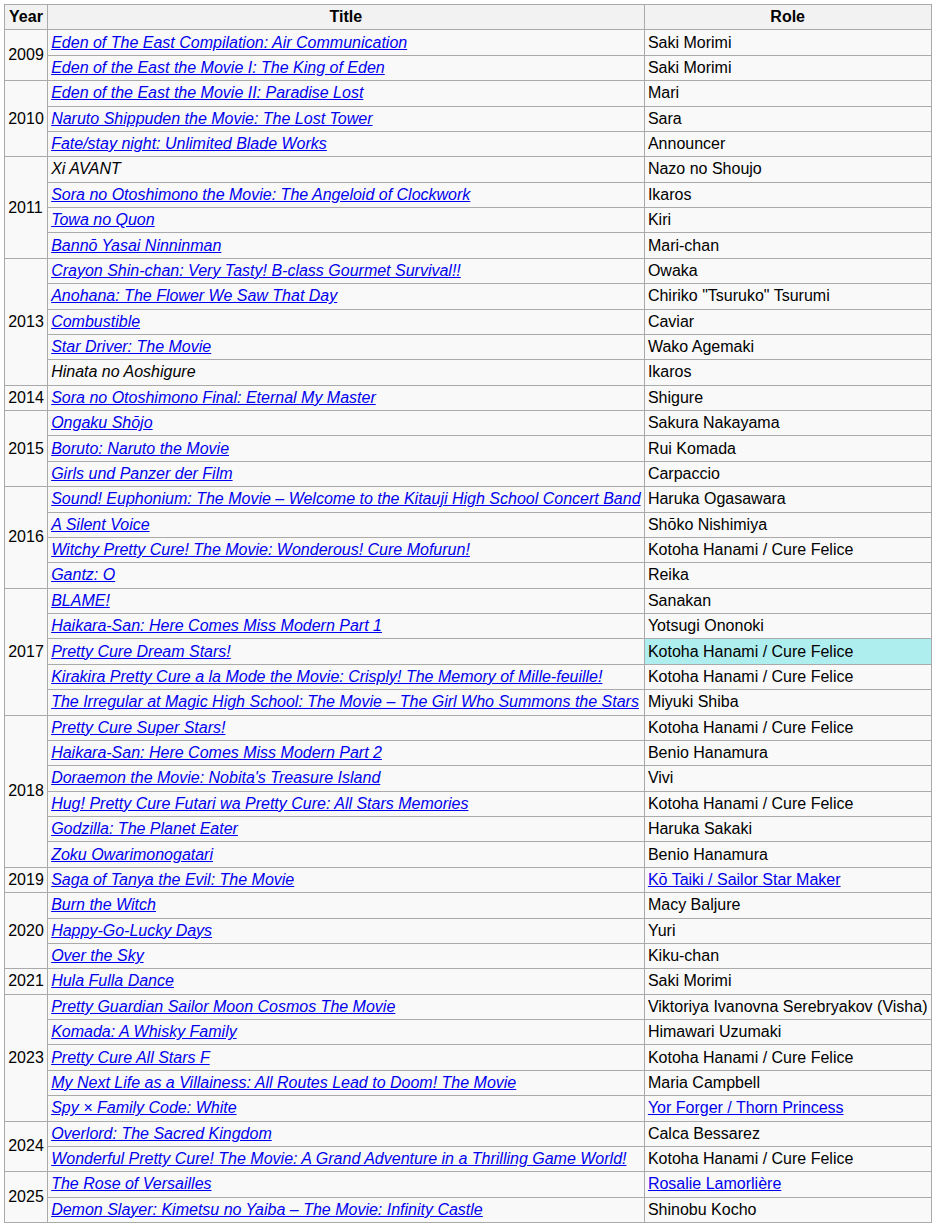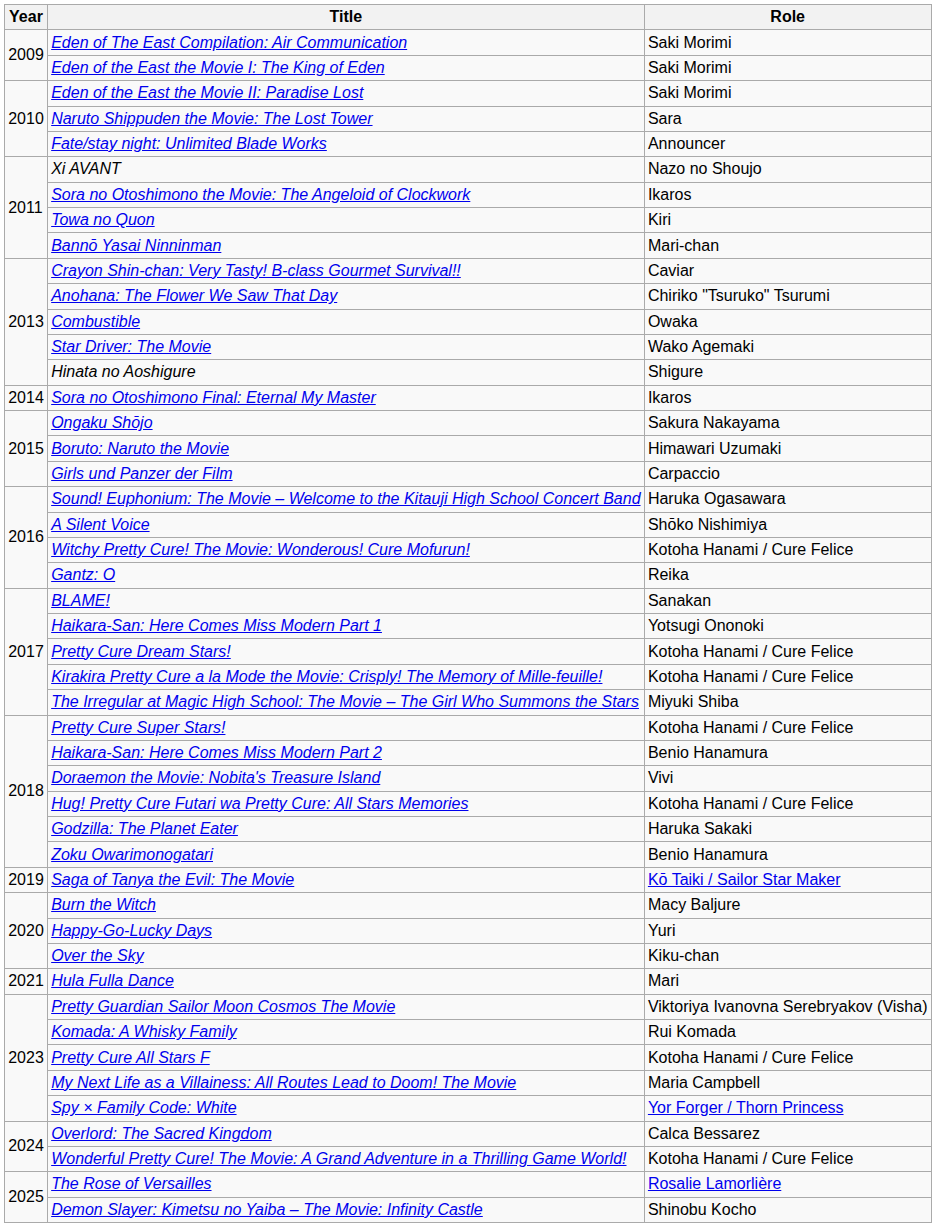 <table class="wikitable">
 <tr>
 <th>Year</th>
 <th>Title</th>
 <th>Role</th>
 </tr>
 <tr>
 <td rowspan="2">2009</td>
 <td><em><a href='#'>Eden of The East Compilation: Air Communication</a></em></td>
 <td>Saki Morimi</td>
 </tr>
 <tr>
 <td><em><a href='#'>Eden of the East the Movie I: The King of Eden</a></em></td>
 <td>Saki Morimi</td>
 </tr>
 <tr>
 <td rowspan="3">2010</td>
 <td><em><a href='#'>Eden of the East the Movie II: Paradise Lost</a></em></td>
-<td>Mari</td>
+<td>Saki Morimi</td>
 </tr>
 <tr>
 <td><em><a href='#'>Naruto Shippuden the Movie: The Lost Tower</a></em></td>
 <td>Sara</td>
 </tr>
 <tr>
 <td><em><a href='#'>Fate/stay night: Unlimited Blade Works</a></em></td>
 <td>Announcer</td>
 </tr>
 <tr>
 <td rowspan="4">2011</td>
 <td><em>Xi AVANT</em></td>
 <td>Nazo no Shoujo</td>
 </tr>
 <tr>
 <td><em><a href='#'>Sora no Otoshimono the Movie: The Angeloid of Clockwork</a></em></td>
 <td>Ikaros</td>
 </tr>
 <tr>
 <td><em><a href='#'>Towa no Quon</a></em></td>
 <td>Kiri</td>
 </tr>
 <tr>
 <td><em><a href='#'>Bannō Yasai Ninninman</a></em></td>
 <td>Mari-chan</td>
 </tr>
 <tr>
 <td rowspan="5">2013</td>
 <td><em><a href='#'>Crayon Shin-chan: Very Tasty! B-class Gourmet Survival!!</a></em></td>
-<td>Owaka</td>
+<td>Caviar</td>
 </tr>
 <tr>
 <td><em><a href='#'>Anohana: The Flower We Saw That Day</a></em></td>
 <td>Chiriko "Tsuruko" Tsurumi</td>
 </tr>
 <tr>
 <td><em><a href='#'>Combustible</a></em></td>
-<td>Caviar</td>
+<td>Owaka</td>
 </tr>
 <tr>
 <td><em><a href='#'>Star Driver: The Movie</a></em></td>
 <td>Wako Agemaki</td>
 </tr>
 <tr>
 <td><em>Hinata no Aoshigure</em></td>
-<td>Ikaros</td>
+<td>Shigure</td>
 </tr>
 <tr>
 <td>2014</td>
 <td><em><a href='#'>Sora no Otoshimono Final: Eternal My Master</a></em></td>
-<td>Shigure</td>
+<td>Ikaros</td>
 </tr>
 <tr>
 <td rowspan="3">2015</td>
 <td><em><a href='#'>Ongaku Shōjo</a></em></td>
 <td>Sakura Nakayama</td>
 </tr>
 <tr>
 <td><em><a href='#'>Boruto: Naruto the Movie</a></em></td>
-<td>Rui Komada</td>
+<td>Himawari Uzumaki</td>
 </tr>
 <tr>
 <td><em><a href='#'>Girls und Panzer der Film</a></em></td>
 <td>Carpaccio</td>
 </tr>
 <tr>
 <td rowspan="4">2016</td>
 <td><em><a href='#'>Sound! Euphonium: The Movie – Welcome to the Kitauji High School Concert Band</a></em></td>
 <td>Haruka Ogasawara</td>
 </tr>
 <tr>
 <td><em><a href='#'>A Silent Voice</a></em></td>
 <td>Shōko Nishimiya</td>
 </tr>
 <tr>
 <td><em><a href='#'>Witchy Pretty Cure! The Movie: Wonderous! Cure Mofurun!</a></em></td>
 <td>Kotoha Hanami / Cure Felice</td>
 </tr>
 <tr>
 <td><em><a href='#'>Gantz: O</a></em></td>
 <td>Reika</td>
 </tr>
 <tr>
 <td rowspan="5">2017</td>
 <td><em><a href='#'>BLAME!</a></em></td>
 <td>Sanakan</td>
 </tr>
 <tr>
 <td><em><a href='#'>Haikara-San: Here Comes Miss Modern Part 1</a></em></td>
 <td>Yotsugi Ononoki</td>
 </tr>
 <tr>
 <td><em><a href='#'>Pretty Cure Dream Stars!</a></em></td>
-<td style="background: paleturquoise;">Kotoha Hanami / Cure Felice</td>
+<td>Kotoha Hanami / Cure Felice</td>
 </tr>
 <tr>
 <td><em><a href='#'>Kirakira Pretty Cure a la Mode the Movie: Crisply! The Memory of Mille-feuille!</a></em></td>
 <td>Kotoha Hanami / Cure Felice</td>
 </tr>
 <tr>
 <td><em><a href='#'>The Irregular at Magic High School: The Movie – The Girl Who Summons the Stars</a></em></td>
 <td>Miyuki Shiba</td>
 </tr>
 <tr>
 <td rowspan="6">2018</td>
 <td><em><a href='#'>Pretty Cure Super Stars!</a></em></td>
 <td>Kotoha Hanami / Cure Felice</td>
 </tr>
 <tr>
 <td><em><a href='#'>Haikara-San: Here Comes Miss Modern Part 2</a></em></td>
 <td>Benio Hanamura</td>
 </tr>
 <tr>
 <td><em><a href='#'>Doraemon the Movie: Nobita's Treasure Island</a></em></td>
 <td>Vivi</td>
 </tr>
 <tr>
 <td><em><a href='#'>Hug! Pretty Cure Futari wa Pretty Cure: All Stars Memories</a></em></td>
 <td>Kotoha Hanami / Cure Felice</td>
 </tr>
 <tr>
 <td><em><a href='#'>Godzilla: The Planet Eater</a></em></td>
 <td>Haruka Sakaki</td>
 </tr>
 <tr>
 <td><em><a href='#'>Zoku Owarimonogatari</a></em></td>
 <td>Benio Hanamura</td>
 </tr>
 <tr>
 <td>2019</td>
 <td><em><a href='#'>Saga of Tanya the Evil: The Movie</a></em></td>
 <td><a href='#'>Kō Taiki / Sailor Star Maker</a></td>
 </tr>
 <tr>
 <td rowspan="3">2020</td>
 <td><em><a href='#'>Burn the Witch</a></em></td>
 <td>Macy Baljure</td>
 </tr>
 <tr>
 <td><em><a href='#'>Happy-Go-Lucky Days</a></em></td>
 <td>Yuri</td>
 </tr>
 <tr>
 <td><em><a href='#'>Over the Sky</a></em></td>
 <td>Kiku-chan</td>
 </tr>
 <tr>
 <td>2021</td>
 <td><em><a href='#'>Hula Fulla Dance</a></em></td>
-<td>Saki Morimi</td>
+<td>Mari</td>
 </tr>
 <tr>
 <td rowspan="5">2023</td>
 <td><em><a href='#'>Pretty Guardian Sailor Moon Cosmos The Movie</a></em></td>
 <td>Viktoriya Ivanovna Serebryakov (Visha)</td>
 </tr>
 <tr>
 <td><em><a href='#'>Komada: A Whisky Family</a></em></td>
-<td>Himawari Uzumaki</td>
+<td>Rui Komada</td>
 </tr>
 <tr>
 <td><em><a href='#'>Pretty Cure All Stars F</a></em></td>
 <td>Kotoha Hanami / Cure Felice</td>
 </tr>
 <tr>
 <td><em><a href='#'>My Next Life as a Villainess: All Routes Lead to Doom! The Movie</a></em></td>
 <td>Maria Campbell</td>
 </tr>
 <tr>
 <td><em><a href='#'>Spy × Family Code: White</a></em></td>
 <td><a href='#'>Yor Forger / Thorn Princess</a></td>
 </tr>
 <tr>
 <td rowspan="2">2024</td>
 <td><em><a href='#'>Overlord: The Sacred Kingdom</a></em></td>
 <td>Calca Bessarez</td>
 </tr>
 <tr>
 <td><em><a href='#'>Wonderful Pretty Cure! The Movie: A Grand Adventure in a Thrilling Game World!</a></em></td>
 <td>Kotoha Hanami / Cure Felice</td>
 </tr>
 <tr>
 <td rowspan="2">2025</td>
 <td><em><a href='#'>The Rose of Versailles</a></em></td>
 <td><a href='#'>Rosalie Lamorlière</a></td>
 </tr>
 <tr>
 <td><em><a href='#'>Demon Slayer: Kimetsu no Yaiba – The Movie: Infinity Castle</a></em></td>
 <td>Shinobu Kocho</td>
 </tr>
 <tr>
 </tr>
 </table>
